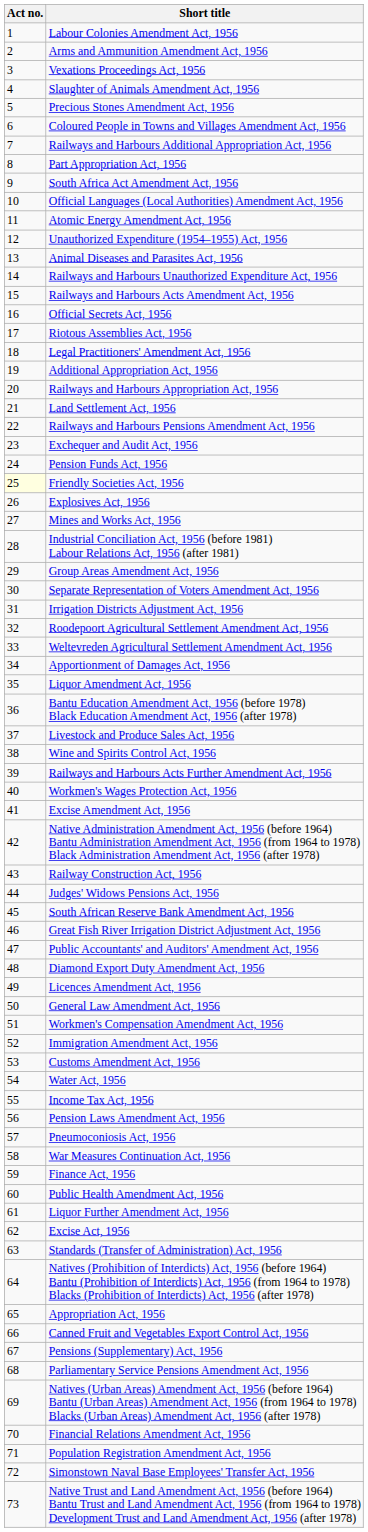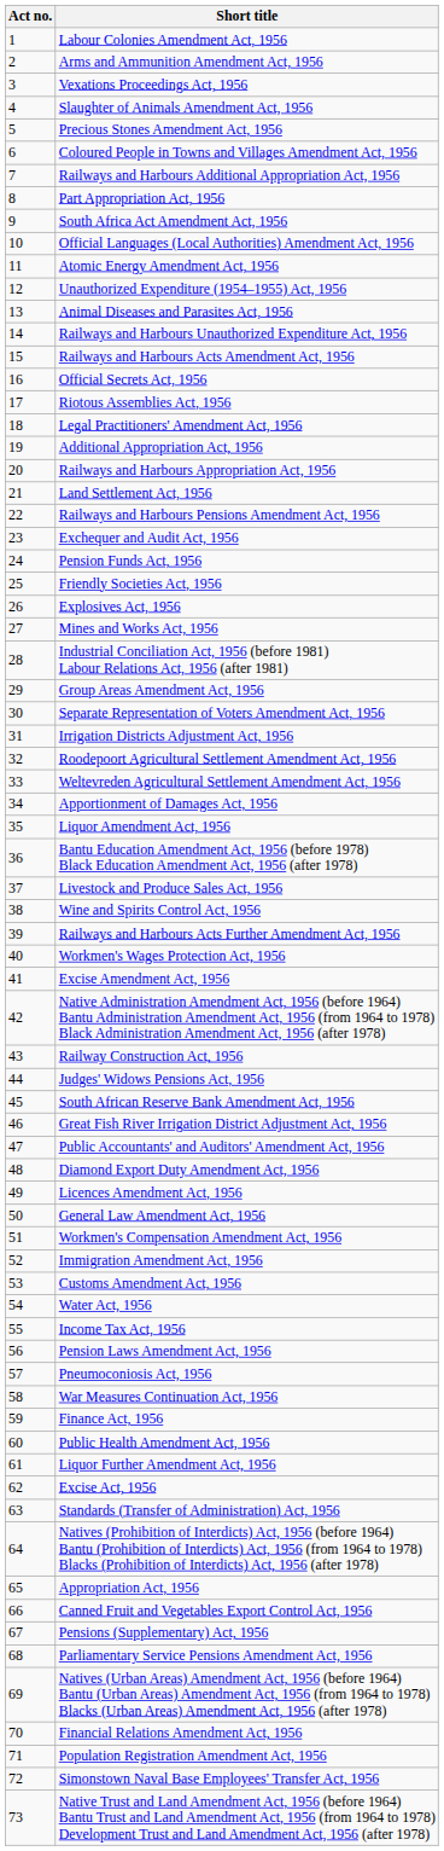 <table class="wikitable sortable">
 <tr>
 <th>Act no.</th>
 <th>Short title</th>
 </tr>
 <tr>
 <td>1</td>
 <td><a href='#'>Labour Colonies Amendment Act, 1956</a></td>
 </tr>
 <tr>
 <td>2</td>
 <td><a href='#'>Arms and Ammunition Amendment Act, 1956</a></td>
 </tr>
 <tr>
 <td>3</td>
 <td><a href='#'>Vexations Proceedings Act, 1956</a></td>
 </tr>
 <tr>
 <td>4</td>
 <td><a href='#'>Slaughter of Animals Amendment Act, 1956</a></td>
 </tr>
 <tr>
 <td>5</td>
 <td><a href='#'>Precious Stones Amendment Act, 1956</a></td>
 </tr>
 <tr>
 <td>6</td>
 <td><a href='#'>Coloured People in Towns and Villages Amendment Act, 1956</a></td>
 </tr>
 <tr>
 <td>7</td>
 <td><a href='#'>Railways and Harbours Additional Appropriation Act, 1956</a></td>
 </tr>
 <tr>
 <td>8</td>
 <td><a href='#'>Part Appropriation Act, 1956</a></td>
 </tr>
 <tr>
 <td>9</td>
 <td><a href='#'>South Africa Act Amendment Act, 1956</a></td>
 </tr>
 <tr>
 <td>10</td>
 <td><a href='#'>Official Languages (Local Authorities) Amendment Act, 1956</a></td>
 </tr>
 <tr>
 <td>11</td>
 <td><a href='#'>Atomic Energy Amendment Act, 1956</a></td>
 </tr>
 <tr>
 <td>12</td>
 <td><a href='#'>Unauthorized Expenditure (1954–1955) Act, 1956</a></td>
 </tr>
 <tr>
 <td>13</td>
 <td><a href='#'>Animal Diseases and Parasites Act, 1956</a></td>
 </tr>
 <tr>
 <td>14</td>
 <td><a href='#'>Railways and Harbours Unauthorized Expenditure Act, 1956</a></td>
 </tr>
 <tr>
 <td>15</td>
 <td><a href='#'>Railways and Harbours Acts Amendment Act, 1956</a></td>
 </tr>
 <tr>
 <td>16</td>
 <td><a href='#'>Official Secrets Act, 1956</a></td>
 </tr>
 <tr>
 <td>17</td>
 <td><a href='#'>Riotous Assemblies Act, 1956</a></td>
 </tr>
 <tr>
 <td>18</td>
 <td><a href='#'>Legal Practitioners' Amendment Act, 1956</a></td>
 </tr>
 <tr>
 <td>19</td>
 <td><a href='#'>Additional Appropriation Act, 1956</a></td>
 </tr>
 <tr>
 <td>20</td>
 <td><a href='#'>Railways and Harbours Appropriation Act, 1956</a></td>
 </tr>
 <tr>
 <td>21</td>
 <td><a href='#'>Land Settlement Act, 1956</a></td>
 </tr>
 <tr>
 <td>22</td>
 <td><a href='#'>Railways and Harbours Pensions Amendment Act, 1956</a></td>
 </tr>
 <tr>
 <td>23</td>
 <td><a href='#'>Exchequer and Audit Act, 1956</a></td>
 </tr>
 <tr>
 <td>24</td>
 <td><a href='#'>Pension Funds Act, 1956</a></td>
 </tr>
 <tr>
-<td style="background: lightyellow;">25</td>
+<td>25</td>
 <td><a href='#'>Friendly Societies Act, 1956</a></td>
 </tr>
 <tr>
 <td>26</td>
 <td><a href='#'>Explosives Act, 1956</a></td>
 </tr>
 <tr>
 <td>27</td>
 <td><a href='#'>Mines and Works Act, 1956</a></td>
 </tr>
 <tr>
 <td>28</td>
 <td><a href='#'>Industrial Conciliation Act, 1956</a> (before 1981) <br><a href='#'>Labour Relations Act, 1956</a> (after 1981)</td>
 </tr>
 <tr>
 <td>29</td>
 <td><a href='#'>Group Areas Amendment Act, 1956</a></td>
 </tr>
 <tr>
 <td>30</td>
 <td><a href='#'>Separate Representation of Voters Amendment Act, 1956</a></td>
 </tr>
 <tr>
 <td>31</td>
 <td><a href='#'>Irrigation Districts Adjustment Act, 1956</a></td>
 </tr>
 <tr>
 <td>32</td>
 <td><a href='#'>Roodepoort Agricultural Settlement Amendment Act, 1956</a></td>
 </tr>
 <tr>
 <td>33</td>
 <td><a href='#'>Weltevreden Agricultural Settlement Amendment Act, 1956</a></td>
 </tr>
 <tr>
 <td>34</td>
 <td><a href='#'>Apportionment of Damages Act, 1956</a></td>
 </tr>
 <tr>
 <td>35</td>
 <td><a href='#'>Liquor Amendment Act, 1956</a></td>
 </tr>
 <tr>
 <td>36</td>
 <td><a href='#'>Bantu Education Amendment Act, 1956</a> (before 1978) <br><a href='#'>Black Education Amendment Act, 1956</a> (after 1978)</td>
 </tr>
 <tr>
 <td>37</td>
 <td><a href='#'>Livestock and Produce Sales Act, 1956</a></td>
 </tr>
 <tr>
 <td>38</td>
 <td><a href='#'>Wine and Spirits Control Act, 1956</a></td>
 </tr>
 <tr>
 <td>39</td>
 <td><a href='#'>Railways and Harbours Acts Further Amendment Act, 1956</a></td>
 </tr>
 <tr>
 <td>40</td>
 <td><a href='#'>Workmen's Wages Protection Act, 1956</a></td>
 </tr>
 <tr>
 <td>41</td>
 <td><a href='#'>Excise Amendment Act, 1956</a></td>
 </tr>
 <tr>
 <td>42</td>
 <td><a href='#'>Native Administration Amendment Act, 1956</a> (before 1964) <br><a href='#'>Bantu Administration Amendment Act, 1956</a> (from 1964 to 1978) <br><a href='#'>Black Administration Amendment Act, 1956</a> (after 1978)</td>
 </tr>
 <tr>
 <td>43</td>
 <td><a href='#'>Railway Construction Act, 1956</a></td>
 </tr>
 <tr>
 <td>44</td>
 <td><a href='#'>Judges' Widows Pensions Act, 1956</a></td>
 </tr>
 <tr>
 <td>45</td>
 <td><a href='#'>South African Reserve Bank Amendment Act, 1956</a></td>
 </tr>
 <tr>
 <td>46</td>
 <td><a href='#'>Great Fish River Irrigation District Adjustment Act, 1956</a></td>
 </tr>
 <tr>
 <td>47</td>
 <td><a href='#'>Public Accountants' and Auditors' Amendment Act, 1956</a></td>
 </tr>
 <tr>
 <td>48</td>
 <td><a href='#'>Diamond Export Duty Amendment Act, 1956</a></td>
 </tr>
 <tr>
 <td>49</td>
 <td><a href='#'>Licences Amendment Act, 1956</a></td>
 </tr>
 <tr>
 <td>50</td>
 <td><a href='#'>General Law Amendment Act, 1956</a></td>
 </tr>
 <tr>
 <td>51</td>
 <td><a href='#'>Workmen's Compensation Amendment Act, 1956</a></td>
 </tr>
 <tr>
 <td>52</td>
 <td><a href='#'>Immigration Amendment Act, 1956</a></td>
 </tr>
 <tr>
 <td>53</td>
 <td><a href='#'>Customs Amendment Act, 1956</a></td>
 </tr>
 <tr>
 <td>54</td>
 <td><a href='#'>Water Act, 1956</a></td>
 </tr>
 <tr>
 <td>55</td>
 <td><a href='#'>Income Tax Act, 1956</a></td>
 </tr>
 <tr>
 <td>56</td>
 <td><a href='#'>Pension Laws Amendment Act, 1956</a></td>
 </tr>
 <tr>
 <td>57</td>
 <td><a href='#'>Pneumoconiosis Act, 1956</a></td>
 </tr>
 <tr>
 <td>58</td>
 <td><a href='#'>War Measures Continuation Act, 1956</a></td>
 </tr>
 <tr>
 <td>59</td>
 <td><a href='#'>Finance Act, 1956</a></td>
 </tr>
 <tr>
 <td>60</td>
 <td><a href='#'>Public Health Amendment Act, 1956</a></td>
 </tr>
 <tr>
 <td>61</td>
 <td><a href='#'>Liquor Further Amendment Act, 1956</a></td>
 </tr>
 <tr>
 <td>62</td>
 <td><a href='#'>Excise Act, 1956</a></td>
 </tr>
 <tr>
 <td>63</td>
 <td><a href='#'>Standards (Transfer of Administration) Act, 1956</a></td>
 </tr>
 <tr>
 <td>64</td>
 <td><a href='#'>Natives (Prohibition of Interdicts) Act, 1956</a> (before 1964) <br><a href='#'>Bantu (Prohibition of Interdicts) Act, 1956</a> (from 1964 to 1978) <br><a href='#'>Blacks (Prohibition of Interdicts) Act, 1956</a> (after 1978)</td>
 </tr>
 <tr>
 <td>65</td>
 <td><a href='#'>Appropriation Act, 1956</a></td>
 </tr>
 <tr>
 <td>66</td>
 <td><a href='#'>Canned Fruit and Vegetables Export Control Act, 1956</a></td>
 </tr>
 <tr>
 <td>67</td>
 <td><a href='#'>Pensions (Supplementary) Act, 1956</a></td>
 </tr>
 <tr>
 <td>68</td>
 <td><a href='#'>Parliamentary Service Pensions Amendment Act, 1956</a></td>
 </tr>
 <tr>
 <td>69</td>
 <td><a href='#'>Natives (Urban Areas) Amendment Act, 1956</a> (before 1964) <br><a href='#'>Bantu (Urban Areas) Amendment Act, 1956</a> (from 1964 to 1978) <br><a href='#'>Blacks (Urban Areas) Amendment Act, 1956</a> (after 1978)</td>
 </tr>
 <tr>
 <td>70</td>
 <td><a href='#'>Financial Relations Amendment Act, 1956</a></td>
 </tr>
 <tr>
 <td>71</td>
 <td><a href='#'>Population Registration Amendment Act, 1956</a></td>
 </tr>
 <tr>
 <td>72</td>
 <td><a href='#'>Simonstown Naval Base Employees' Transfer Act, 1956</a></td>
 </tr>
 <tr>
 <td>73</td>
 <td><a href='#'>Native Trust and Land Amendment Act, 1956</a> (before 1964) <br><a href='#'>Bantu Trust and Land Amendment Act, 1956</a> (from 1964 to 1978) <br><a href='#'>Development Trust and Land Amendment Act, 1956</a> (after 1978)</td>
 </tr>
 </table>
